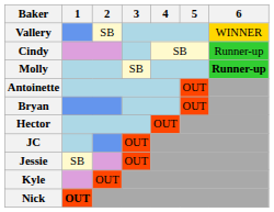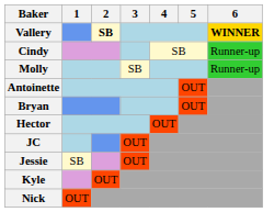 <table class="wikitable" style="text-align:center">
 <tr>
 <th scope="col">Baker</th>
 <th scope="col">1</th>
 <th scope="col">2</th>
 <th scope="col">3</th>
 <th scope="col">4</th>
 <th scope="col">5</th>
 <th scope="col">6</th>
 </tr>
 <tr>
 <th scope="row">Vallery</th>
 <td style="background:Cornflowerblue;"></td>
-<td style="background:LemonChiffon;">SB</td>
+<td style="background:LemonChiffon;"><strong>SB</strong></td>
 <td colspan ="3" style="background:lightblue;"></td>
-<td style="background:gold;">WINNER</td>
+<td style="background:gold;"><strong>WINNER</strong></td>
 </tr>
 <tr>
 <th scope="row">Cindy</th>
 <td colspan="2" style="background:Plum;"></td>
 <td style="background:Lightblue;"></td>
 <td colspan="2" style="background:LemonChiffon;">SB</td>
 <td style="background:limegreen;">Runner-up</td>
 </tr>
 <tr>
 <th scope="row">Molly</th>
 <td colspan="2" style="background:Lightblue;"></td>
 <td style="background:LemonChiffon;">SB</td>
 <td colspan ="2" style="background:lightblue;"></td>
-<td style="background:limegreen;"><strong>Runner-up</strong></td>
+<td style="background:limegreen;">Runner-up</td>
 </tr>
 <tr>
 <th scope="row">Antoinette</th>
 <td colspan="4" style="background:Lightblue;"></td>
 <td style="background:orangered;">OUT</td>
 <td style="background:darkgrey;"></td>
 </tr>
 <tr>
 <th scope="row">Bryan</th>
 <td colspan="2" style="background:Cornflowerblue;"></td>
 <td colspan="2" style="background:Lightblue;"></td>
 <td style="background:orangered;">OUT</td>
 <td style="background:darkgrey;"></td>
 </tr>
 <tr>
 <th scope="row">Hector</th>
 <td colspan="3" style="background:Lightblue;"></td>
 <td style="background:orangered;">OUT</td>
 <td colspan="2" style="background:darkgrey;"></td>
 </tr>
 <tr>
 <th scope="row">JC</th>
 <td style="background:Lightblue;"></td>
 <td style="background:Cornflowerblue;"></td>
 <td style="background:orangered;">OUT</td>
 <td colspan="3" style="background:darkgrey;"></td>
 </tr>
 <tr>
 <th scope="row">Jessie</th>
 <td style="background:LemonChiffon;">SB</td>
 <td style="background:Plum;"></td>
 <td style="background:orangered;">OUT</td>
 <td colspan="3" style="background:darkgrey;"></td>
 </tr>
 <tr>
 <th scope="row">Kyle</th>
 <td style="background:Plum;"></td>
 <td style="background:orangered;">OUT</td>
 <td colspan="4" style="background:darkgrey;"></td>
 </tr>
 <tr>
 <th scope="row">Nick</th>
-<td style="background:orangered;"><strong>OUT</strong></td>
+<td style="background:orangered;">OUT</td>
 <td colspan="5" style="background:darkgrey;"></td>
 </tr>
 </table>
